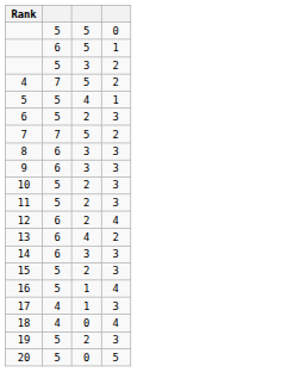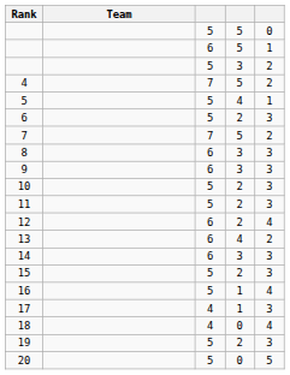 <table class="wikitable" style="text-align: center;">
 <tr>
 <th width=40>Rank</th>
+<th width=180>Team</th>
 <th width=30></th>
 <th width=30></th>
 <th width=30></th>
 </tr>
 <tr>
 <td></td>
+<td align=left></td>
 <td>5</td>
 <td>5</td>
 <td>0</td>
 </tr>
 <tr>
 <td></td>
+<td align=left></td>
 <td>6</td>
 <td>5</td>
 <td>1</td>
 </tr>
 <tr>
 <td></td>
+<td align=left></td>
 <td>5</td>
 <td>3</td>
 <td>2</td>
 </tr>
 <tr>
 <td>4</td>
+<td align=left></td>
 <td>7</td>
 <td>5</td>
 <td>2</td>
 </tr>
 <tr>
 <td>5</td>
+<td align=left></td>
 <td>5</td>
 <td>4</td>
 <td>1</td>
 </tr>
 <tr>
 <td>6</td>
+<td align=left></td>
 <td>5</td>
 <td>2</td>
 <td>3</td>
 </tr>
 <tr>
 <td>7</td>
+<td align=left></td>
 <td>7</td>
 <td>5</td>
 <td>2</td>
 </tr>
 <tr>
 <td>8</td>
+<td align=left></td>
 <td>6</td>
 <td>3</td>
 <td>3</td>
 </tr>
 <tr>
 <td>9</td>
+<td align=left></td>
 <td>6</td>
 <td>3</td>
 <td>3</td>
 </tr>
 <tr>
 <td>10</td>
+<td align=left></td>
 <td>5</td>
 <td>2</td>
 <td>3</td>
 </tr>
 <tr>
 <td>11</td>
+<td align=left></td>
 <td>5</td>
 <td>2</td>
 <td>3</td>
 </tr>
 <tr>
 <td>12</td>
+<td align=left></td>
 <td>6</td>
 <td>2</td>
 <td>4</td>
 </tr>
 <tr>
 <td>13</td>
+<td align=left></td>
 <td>6</td>
 <td>4</td>
 <td>2</td>
 </tr>
 <tr>
 <td>14</td>
+<td align=left></td>
 <td>6</td>
 <td>3</td>
 <td>3</td>
 </tr>
 <tr>
 <td>15</td>
+<td align=left></td>
 <td>5</td>
 <td>2</td>
 <td>3</td>
 </tr>
 <tr>
 <td>16</td>
+<td align=left></td>
 <td>5</td>
 <td>1</td>
 <td>4</td>
 </tr>
 <tr>
 <td>17</td>
+<td align=left></td>
 <td>4</td>
 <td>1</td>
 <td>3</td>
 </tr>
 <tr>
 <td>18</td>
+<td align=left></td>
 <td>4</td>
 <td>0</td>
 <td>4</td>
 </tr>
 <tr>
 <td>19</td>
+<td align=left></td>
 <td>5</td>
 <td>2</td>
 <td>3</td>
 </tr>
 <tr>
 <td>20</td>
+<td align=left></td>
 <td>5</td>
 <td>0</td>
 <td>5</td>
 </tr>
 </table>
